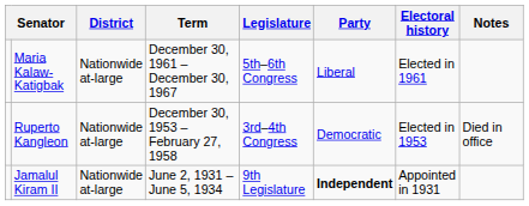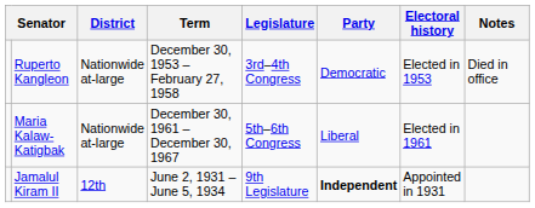 <table class="wikitable" style="font-size:95%" width=99%>
 <tr>
 <th colspan="2" width="15%">Senator</th>
 <th width="8%"><a href='#'>District</a></th>
 <th width="25%">Term</th>
 <th width="12%"><a href='#'>Legislature</a></th>
 <th width="10%"><a href='#'>Party</a></th>
 <th width="12.5%"><a href='#'>Electoral history</a></th>
 <th width="17.5%">Notes</th>
+</tr>
+<tr>
+<td style="background-color:"></td>
+<td><a href='#'>Ruperto Kangleon</a></td>
+<td>Nationwide at-large</td>
+<td>December 30, 1953 – February 27, 1958</td>
+<td><a href='#'>3rd</a>–<a href='#'>4th Congress</a></td>
+<td><a href='#'>Democratic</a></td>
+<td>Elected in <a href='#'>1953</a></td>
+<td>Died in office</td>
 </tr>
 <tr>
 <td width=1% style="background-color:"></td>
 <td><a href='#'>Maria Kalaw-Katigbak</a></td>
 <td>Nationwide at-large</td>
 <td>December 30, 1961 – December 30, 1967</td>
 <td><a href='#'>5th</a>–<a href='#'>6th Congress</a></td>
 <td><a href='#'>Liberal</a></td>
 <td>Elected in <a href='#'>1961</a></td>
 <td></td>
 </tr>
 <tr>
 <td style="background-color:"></td>
-<td><a href='#'>Ruperto Kangleon</a></td>
-<td>Nationwide at-large</td>
-<td>December 30, 1953 – February 27, 1958</td>
-<td><a href='#'>3rd</a>–<a href='#'>4th Congress</a></td>
-<td><a href='#'>Democratic</a></td>
-<td>Elected in <a href='#'>1953</a></td>
-<td>Died in office</td>
-</tr>
-<tr>
-<td style="background-color:"></td>
 <td><a href='#'>Jamalul Kiram II</a></td>
-<td>Nationwide at-large</td>
+<td><a href='#'>12th</a></td>
 <td>June 2, 1931 – June 5, 1934</td>
 <td><a href='#'>9th Legislature</a></td>
 <td><strong>Independent</strong></td>
 <td>Appointed in 1931</td>
 <td></td>
 </tr>
 </table>
